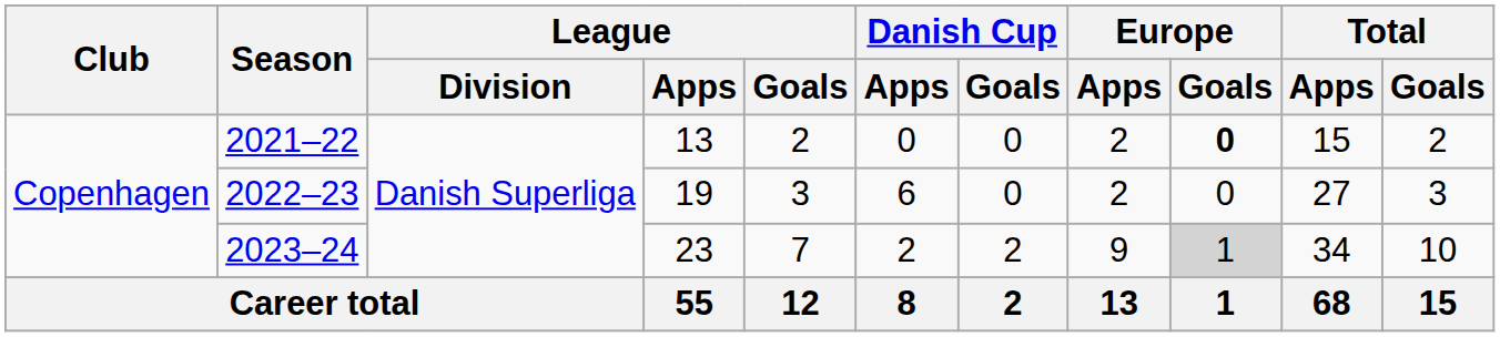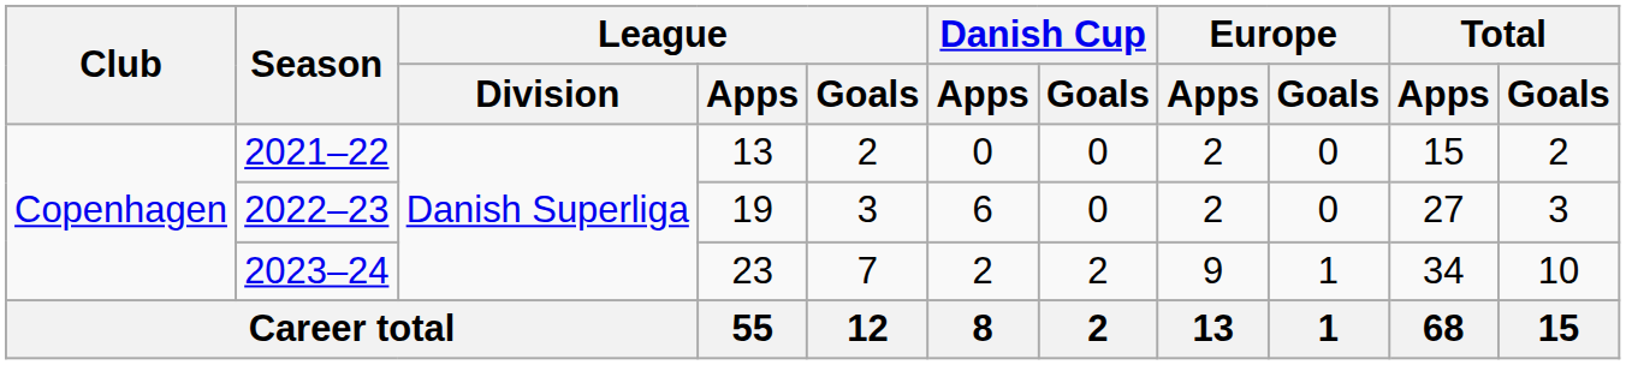 <table class="wikitable" style="text-align:center">
 <tr>
 <th rowspan="2">Club</th>
 <th rowspan="2">Season</th>
 <th colspan="3">League</th>
 <th colspan="2"><a href='#'>Danish Cup</a></th>
 <th colspan="2">Europe</th>
 <th colspan="2">Total</th>
 </tr>
 <tr>
 <th>Division</th>
 <th>Apps</th>
 <th>Goals</th>
 <th>Apps</th>
 <th>Goals</th>
 <th>Apps</th>
 <th>Goals</th>
 <th>Apps</th>
 <th>Goals</th>
 </tr>
 <tr>
 <td rowspan="3"><a href='#'>Copenhagen</a></td>
 <td><a href='#'>2021–22</a></td>
 <td rowspan="3"><a href='#'>Danish Superliga</a></td>
 <td>13</td>
 <td>2</td>
 <td>0</td>
 <td>0</td>
 <td>2</td>
-<td><strong>0</strong></td>
+<td>0</td>
 <td>15</td>
 <td>2</td>
 </tr>
 <tr>
 <td><a href='#'>2022–23</a></td>
 <td>19</td>
 <td>3</td>
 <td>6</td>
 <td>0</td>
 <td>2</td>
 <td>0</td>
 <td>27</td>
 <td>3</td>
 </tr>
 <tr>
 <td><a href='#'>2023–24</a></td>
 <td>23</td>
 <td>7</td>
 <td>2</td>
 <td>2</td>
 <td>9</td>
-<td style="background: lightgrey;">1</td>
+<td>1</td>
 <td>34</td>
 <td>10</td>
 </tr>
 <tr>
 <th colspan="3">Career total</th>
 <th>55</th>
 <th>12</th>
 <th>8</th>
 <th>2</th>
 <th>13</th>
 <th>1</th>
 <th>68</th>
 <th>15</th>
 </tr>
 </table>
